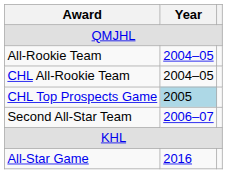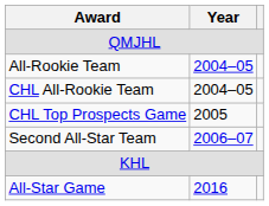 <table class="wikitable">
 <tr>
 <th>Award</th>
 <th>Year</th>
 <th></th>
 </tr>
 <tr ALIGN="center" bgcolor="#e0e0e0">
 <td colspan="3"><a href='#'>QMJHL</a></td>
 </tr>
 <tr>
 <td>All-Rookie Team</td>
 <td><a href='#'>2004–05</a></td>
 <td></td>
 </tr>
 <tr>
 <td><a href='#'>CHL</a> All-Rookie Team</td>
 <td>2004–05</td>
 <td></td>
 </tr>
 <tr>
 <td><a href='#'>CHL Top Prospects Game</a></td>
-<td style="background: lightblue;">2005</td>
+<td>2005</td>
 <td></td>
 </tr>
 <tr>
 <td>Second All-Star Team</td>
 <td><a href='#'>2006–07</a></td>
 <td></td>
 </tr>
 <tr ALIGN="center" bgcolor="#e0e0e0">
 <td colspan="3"><a href='#'>KHL</a></td>
 </tr>
 <tr>
 <td><a href='#'>All-Star Game</a></td>
 <td><a href='#'>2016</a></td>
 <td></td>
 </tr>
 </table>
